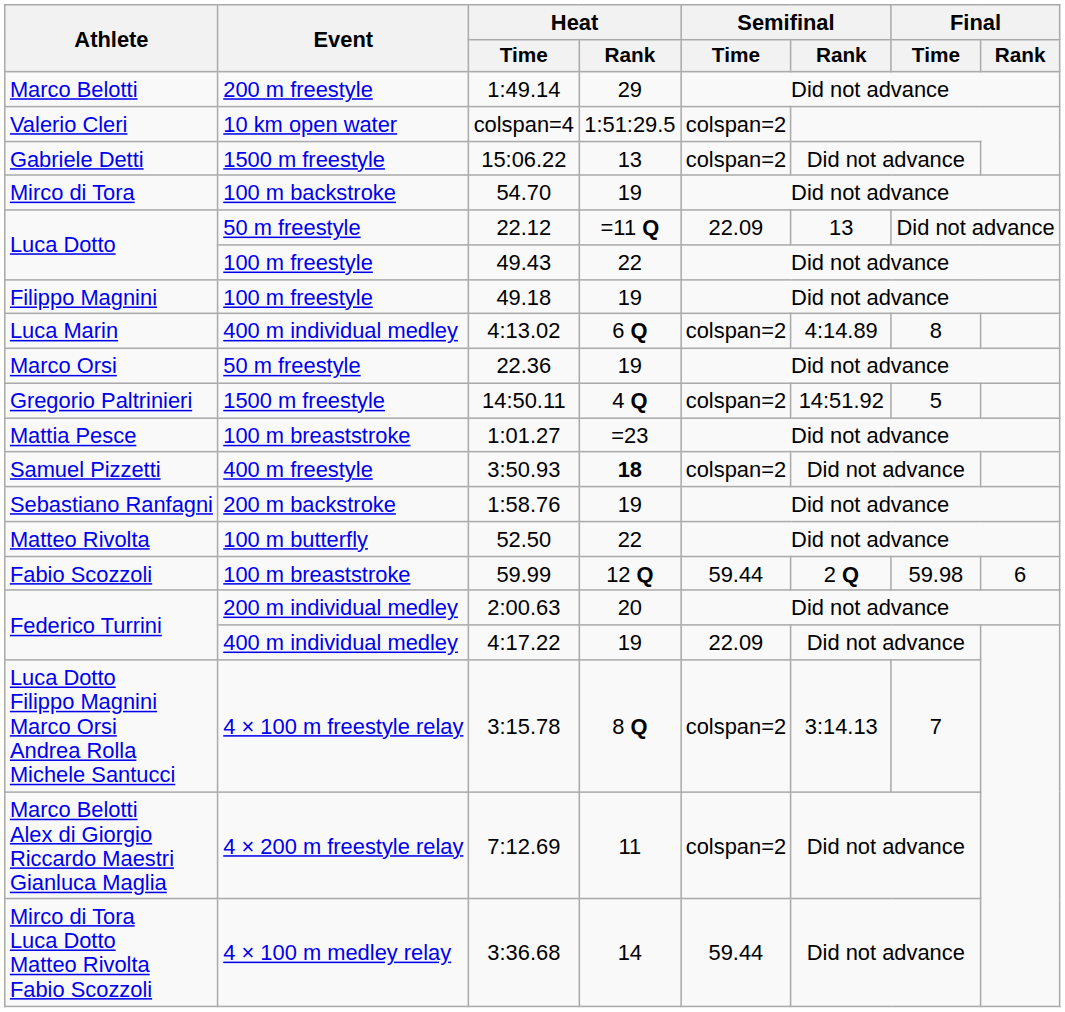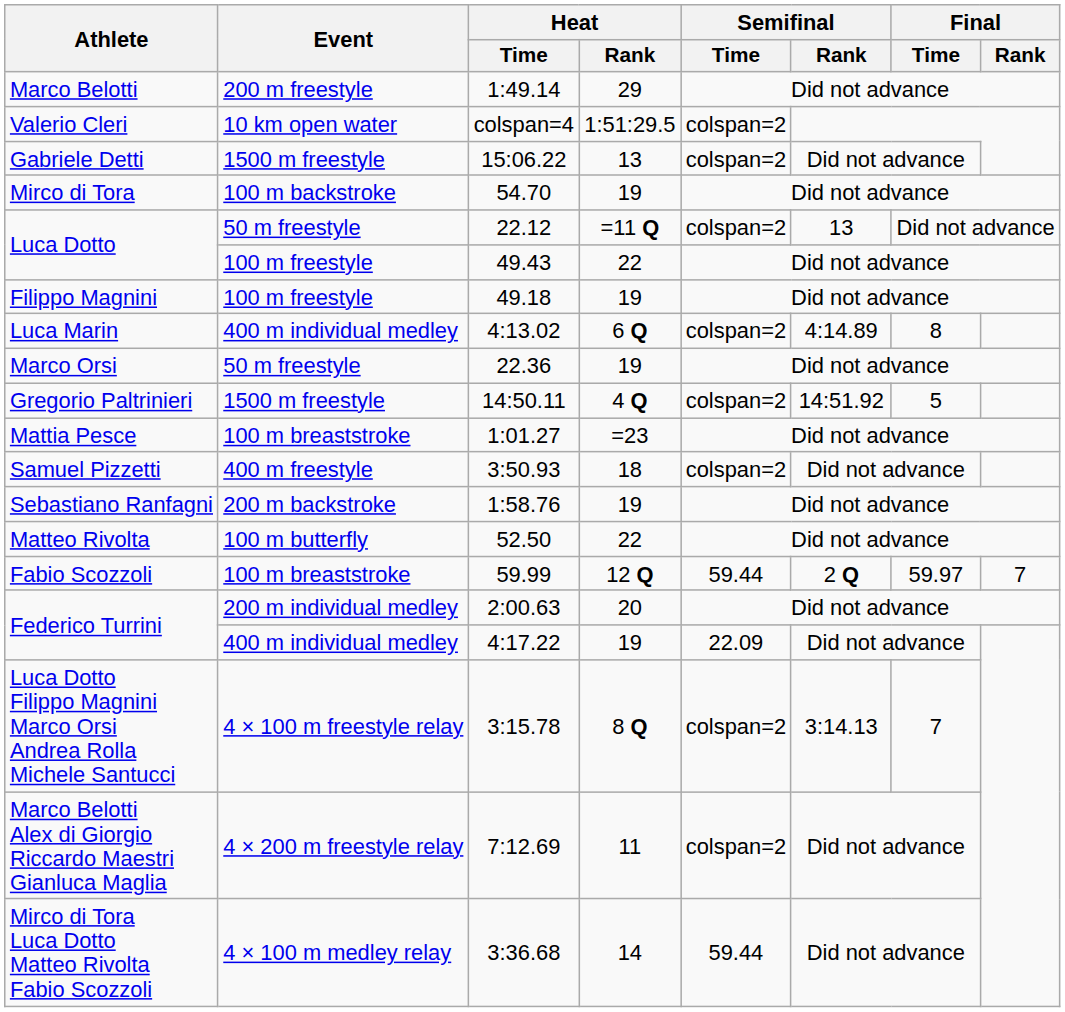 <table class=wikitable style="font-size:90%">
 <tr>
 <th rowspan="2">Athlete</th>
 <th rowspan="2">Event</th>
 <th colspan="2">Heat</th>
 <th colspan="2">Semifinal</th>
 <th colspan="2">Final</th>
 </tr>
 <tr style="font-size:95%">
 <th>Time</th>
 <th>Rank</th>
 <th>Time</th>
 <th>Rank</th>
 <th>Time</th>
 <th>Rank</th>
 </tr>
 <tr align=center>
 <td align=left><a href='#'>Marco Belotti</a></td>
 <td align=left><a href='#'>200 m freestyle</a></td>
 <td>1:49.14</td>
 <td>29</td>
 <td colspan=4>Did not advance</td>
 </tr>
 <tr align=center>
 <td align=left><a href='#'>Valerio Cleri</a></td>
 <td align=left><a href='#'>10 km open water</a></td>
 <td>colspan=4 </td>
 <td>1:51:29.5</td>
 <td>colspan=2 </td>
 </tr>
 <tr align=center>
 <td align=left><a href='#'>Gabriele Detti</a></td>
 <td align=left><a href='#'>1500 m freestyle</a></td>
 <td>15:06.22</td>
 <td>13</td>
 <td>colspan=2 </td>
 <td colspan=2>Did not advance</td>
 </tr>
 <tr align=center>
 <td align=left><a href='#'>Mirco di Tora</a></td>
 <td align=left><a href='#'>100 m backstroke</a></td>
 <td>54.70</td>
 <td>19</td>
 <td colspan=4>Did not advance</td>
 </tr>
 <tr align=center>
 <td align=left rowspan=2><a href='#'>Luca Dotto</a></td>
 <td align=left><a href='#'>50 m freestyle</a></td>
 <td>22.12</td>
 <td>=11 <strong>Q</strong></td>
-<td>22.09</td>
+<td>colspan=2 </td>
 <td>13</td>
 <td colspan=2>Did not advance</td>
 </tr>
 <tr align=center>
 <td align=left><a href='#'>100 m freestyle</a></td>
 <td>49.43</td>
 <td>22</td>
 <td colspan=4>Did not advance</td>
 </tr>
 <tr align=center>
 <td align=left><a href='#'>Filippo Magnini</a></td>
 <td align=left><a href='#'>100 m freestyle</a></td>
 <td>49.18</td>
 <td>19</td>
 <td colspan=4>Did not advance</td>
 </tr>
 <tr align=center>
 <td align=left><a href='#'>Luca Marin</a></td>
 <td align=left><a href='#'>400 m individual medley</a></td>
 <td>4:13.02</td>
 <td>6 <strong>Q</strong></td>
 <td>colspan=2 </td>
 <td>4:14.89</td>
 <td>8</td>
 </tr>
 <tr align=center>
 <td align=left><a href='#'>Marco Orsi</a></td>
 <td align=left><a href='#'>50 m freestyle</a></td>
 <td>22.36</td>
 <td>19</td>
 <td colspan=4>Did not advance</td>
 </tr>
 <tr align=center>
 <td align=left><a href='#'>Gregorio Paltrinieri</a></td>
 <td align=left><a href='#'>1500 m freestyle</a></td>
 <td>14:50.11</td>
 <td>4 <strong>Q</strong></td>
 <td>colspan=2 </td>
 <td>14:51.92</td>
 <td>5</td>
 </tr>
 <tr align=center>
 <td align=left><a href='#'>Mattia Pesce</a></td>
 <td align=left><a href='#'>100 m breaststroke</a></td>
 <td>1:01.27</td>
 <td>=23</td>
 <td colspan=4>Did not advance</td>
 </tr>
 <tr align=center>
 <td align=left><a href='#'>Samuel Pizzetti</a></td>
 <td align=left><a href='#'>400 m freestyle</a></td>
 <td>3:50.93</td>
-<td><strong>18</strong></td>
+<td>18</td>
 <td>colspan=2 </td>
 <td colspan=2>Did not advance</td>
 </tr>
 <tr align=center>
 <td align=left><a href='#'>Sebastiano Ranfagni</a></td>
 <td align=left><a href='#'>200 m backstroke</a></td>
 <td>1:58.76</td>
 <td>19</td>
 <td colspan=4>Did not advance</td>
 </tr>
 <tr align=center>
 <td align=left><a href='#'>Matteo Rivolta</a></td>
 <td align=left><a href='#'>100 m butterfly</a></td>
 <td>52.50</td>
 <td>22</td>
 <td colspan=4>Did not advance</td>
 </tr>
 <tr align=center>
 <td align=left><a href='#'>Fabio Scozzoli</a></td>
 <td align=left><a href='#'>100 m breaststroke</a></td>
 <td>59.99</td>
 <td>12 <strong>Q</strong></td>
 <td>59.44</td>
 <td>2 <strong>Q</strong></td>
-<td>59.98</td>
-<td>6</td>
+<td>59.97</td>
+<td>7</td>
 </tr>
 <tr align=center>
 <td align=left rowspan=2><a href='#'>Federico Turrini</a></td>
 <td align=left><a href='#'>200 m individual medley</a></td>
 <td>2:00.63</td>
 <td>20</td>
 <td colspan=4>Did not advance</td>
 </tr>
 <tr align=center>
 <td align=left><a href='#'>400 m individual medley</a></td>
 <td>4:17.22</td>
 <td>19</td>
 <td>22.09</td>
 <td colspan=2>Did not advance</td>
 </tr>
 <tr align=center>
 <td align=left><a href='#'>Luca Dotto</a><br><a href='#'>Filippo Magnini</a><br><a href='#'>Marco Orsi</a><br><a href='#'>Andrea Rolla</a><br><a href='#'>Michele Santucci</a></td>
 <td align=left><a href='#'>4 × 100 m freestyle relay</a></td>
 <td>3:15.78</td>
 <td>8 <strong>Q</strong></td>
 <td>colspan=2 </td>
 <td>3:14.13</td>
 <td>7</td>
 </tr>
 <tr align=center>
 <td align=left><a href='#'>Marco Belotti</a><br><a href='#'>Alex di Giorgio</a><br><a href='#'>Riccardo Maestri</a><br><a href='#'>Gianluca Maglia</a></td>
 <td align=left><a href='#'>4 × 200 m freestyle relay</a></td>
 <td>7:12.69</td>
 <td>11</td>
 <td>colspan=2 </td>
 <td colspan=2>Did not advance</td>
 </tr>
 <tr align=center>
 <td align=left><a href='#'>Mirco di Tora</a><br><a href='#'>Luca Dotto</a><br><a href='#'>Matteo Rivolta</a><br><a href='#'>Fabio Scozzoli</a></td>
 <td align=left><a href='#'>4 × 100 m medley relay</a></td>
 <td>3:36.68</td>
 <td>14</td>
 <td>59.44</td>
 <td colspan=2>Did not advance</td>
 </tr>
 </table>
